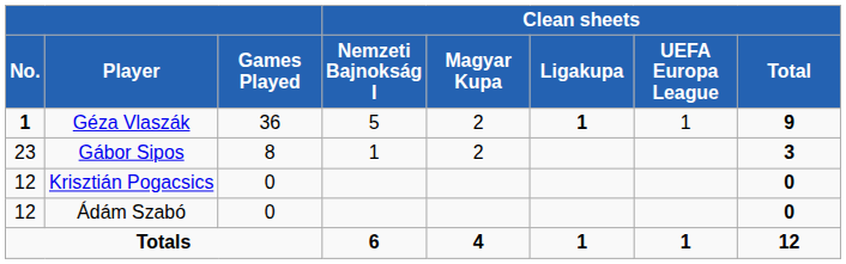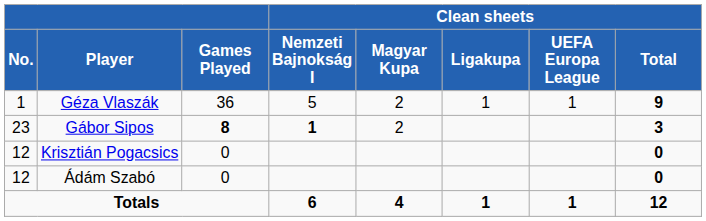 <table class="wikitable sortable alternance" style="text-align:center">
 <tr>
 <th colspan="3" style="background:#2462B2"></th>
 <th colspan="5" style="background:#2462B2; color:#FFFFFF">Clean sheets</th>
 </tr>
 <tr>
 <th style="background-color:#2462B2; color:#FFFFFF">No.</th>
 <th style="background-color:#2462B2; color:#FFFFFF">Player</th>
 <th width=80 style="background-color:#2462B2; color:#FFFFFF">Games Played</th>
 <th width=80 style="background-color:#2462B2; color:#FFFFFF">Nemzeti Bajnokság I</th>
 <th width=80 style="background-color:#2462B2; color:#FFFFFF">Magyar Kupa</th>
 <th width=80 style="background-color:#2462B2; color:#FFFFFF">Ligakupa</th>
 <th width=80 style="background-color:#2462B2; color:#FFFFFF">UEFA Europa League</th>
 <th width=80 style="background-color:#2462B2; color:#FFFFFF">Total</th>
 </tr>
 <tr>
-<td><strong>1</strong></td>
+<td>1</td>
 <td> <a href='#'>Géza Vlaszák</a></td>
 <td>36</td>
 <td>5</td>
 <td>2</td>
-<td><strong>1</strong></td>
+<td>1</td>
 <td>1</td>
 <td><strong>9</strong></td>
 </tr>
 <tr>
 <td>23</td>
 <td> <a href='#'>Gábor Sipos</a></td>
-<td>8</td>
-<td>1</td>
+<td><strong>8</strong></td>
+<td><strong>1</strong></td>
 <td>2</td>
 <td></td>
 <td></td>
 <td><strong>3</strong></td>
 </tr>
 <tr>
 <td>12</td>
 <td> <a href='#'>Krisztián Pogacsics</a></td>
 <td>0</td>
 <td></td>
 <td></td>
 <td></td>
 <td></td>
 <td><strong>0</strong></td>
 </tr>
 <tr>
 <td>12</td>
 <td> Ádám Szabó</td>
 <td>0</td>
 <td></td>
 <td></td>
 <td></td>
 <td></td>
 <td><strong>0</strong></td>
 </tr>
 <tr class="sortbottom">
 <td colspan="3"><strong>Totals</strong></td>
 <td><strong>6</strong></td>
 <td><strong>4</strong></td>
 <td><strong>1</strong></td>
 <td><strong>1</strong></td>
 <td><strong>12</strong></td>
 </tr>
 </table>
